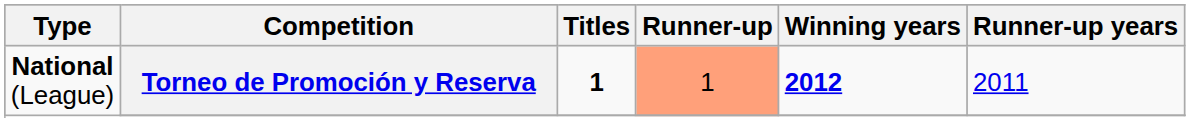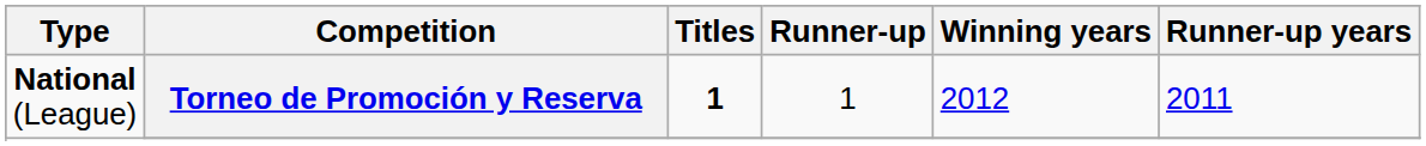 <table class="wikitable plainrowheaders" style="font-size:95%; text-align:center;">
 <tr>
 <th>Type</th>
 <th width=250px>Competition</th>
 <th>Titles</th>
 <th>Runner-up</th>
 <th>Winning years</th>
 <th>Runner-up years</th>
 </tr>
 <tr>
 <td rowspan=2><strong>National</strong><br>(League)</td>
 <th scope=col><a href='#'>Torneo de Promoción y Reserva</a></th>
 <td><strong>1</strong></td>
-<td style="background: lightsalmon;">1</td>
-<td align="left"><strong><a href='#'>2012</a></strong></td>
+<td>1</td>
+<td align="left"><a href='#'>2012</a></td>
 <td align="left"><a href='#'>2011</a></td>
 </tr>
 <tr>
 </tr>
 </table>
